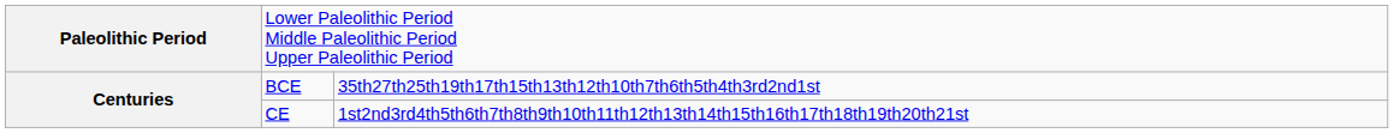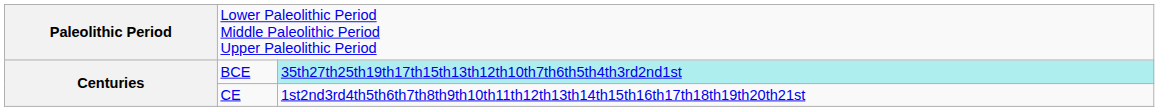 <table class="wikitable" width=100%>
 <tr>
 <th>Paleolithic Period</th>
 <td colspan=2><a href='#'>Lower Paleolithic Period</a><br><a href='#'>Middle Paleolithic Period</a><br><a href='#'>Upper Paleolithic Period</a></td>
 </tr>
 <tr>
 <th rowspan=2>Centuries</th>
 <td><a href='#'>BCE</a></td>
-<td><a href='#'>35th</a><a href='#'>27th</a><a href='#'>25th</a><a href='#'>19th</a><a href='#'>17th</a><a href='#'>15th</a><a href='#'>13th</a><a href='#'>12th</a><a href='#'>10th</a><a href='#'>7th</a><a href='#'>6th</a><a href='#'>5th</a><a href='#'>4th</a><a href='#'>3rd</a><a href='#'>2nd</a><a href='#'>1st</a></td>
+<td style="background: paleturquoise;"><a href='#'>35th</a><a href='#'>27th</a><a href='#'>25th</a><a href='#'>19th</a><a href='#'>17th</a><a href='#'>15th</a><a href='#'>13th</a><a href='#'>12th</a><a href='#'>10th</a><a href='#'>7th</a><a href='#'>6th</a><a href='#'>5th</a><a href='#'>4th</a><a href='#'>3rd</a><a href='#'>2nd</a><a href='#'>1st</a></td>
 </tr>
 <tr>
 <td><a href='#'>CE</a></td>
 <td><a href='#'>1st</a><a href='#'>2nd</a><a href='#'>3rd</a><a href='#'>4th</a><a href='#'>5th</a><a href='#'>6th</a><a href='#'>7th</a><a href='#'>8th</a><a href='#'>9th</a><a href='#'>10th</a><a href='#'>11th</a><a href='#'>12th</a><a href='#'>13th</a><a href='#'>14th</a><a href='#'>15th</a><a href='#'>16th</a><a href='#'>17th</a><a href='#'>18th</a><a href='#'>19th</a><a href='#'>20th</a><a href='#'>21st</a></td>
 </tr>
 </table>
